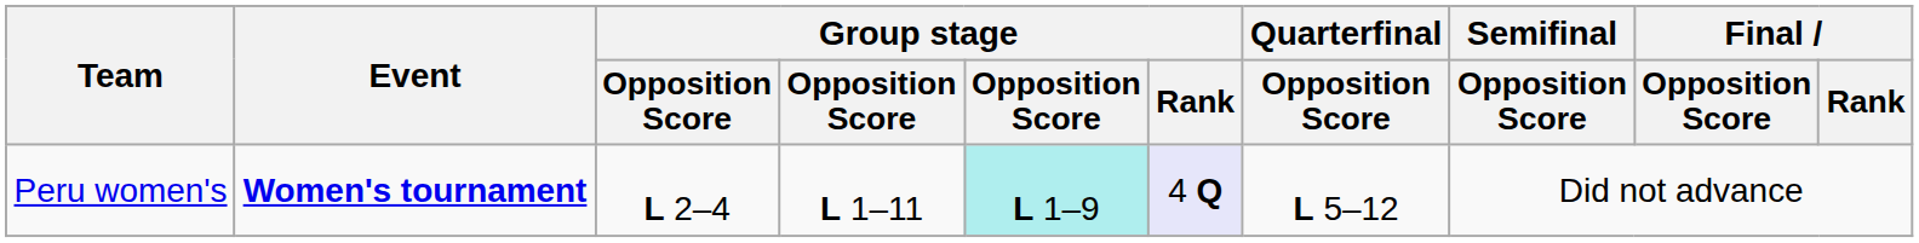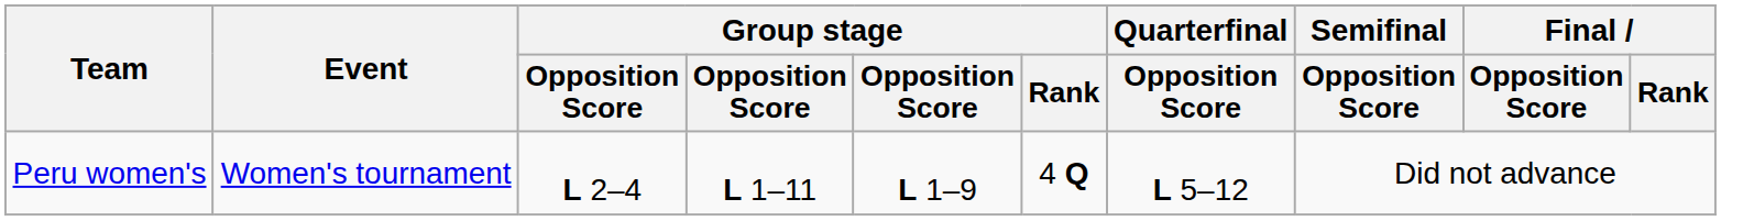 <table class="wikitable" style="font-size:90%;text-align:center">
 <tr>
 <th rowspan="2">Team</th>
 <th rowspan="2">Event</th>
 <th colspan="4">Group stage</th>
 <th>Quarterfinal</th>
 <th>Semifinal</th>
 <th colspan="2">Final / </th>
 </tr>
 <tr style="font-size:95%">
 <th>Opposition<br>Score</th>
 <th>Opposition<br>Score</th>
 <th>Opposition<br>Score</th>
 <th>Rank</th>
 <th>Opposition<br>Score</th>
 <th>Opposition<br>Score</th>
 <th>Opposition<br>Score</th>
 <th>Rank</th>
 </tr>
 <tr>
 <td align=left><a href='#'>Peru women's</a></td>
-<td align=left><strong><a href='#'>Women's tournament</a></strong></td>
+<td align=left><a href='#'>Women's tournament</a></td>
 <td><br><strong>L</strong> 2–4</td>
 <td><br><strong>L</strong> 1–11</td>
-<td style="background: paleturquoise;"><br><strong>L</strong> 1–9</td>
-<td style="background: lavender;">4 <strong>Q</strong></td>
+<td><br><strong>L</strong> 1–9</td>
+<td>4 <strong>Q</strong></td>
 <td><br><strong>L</strong> 5–12</td>
 <td colspan=3>Did not advance</td>
 </tr>
 </table>
